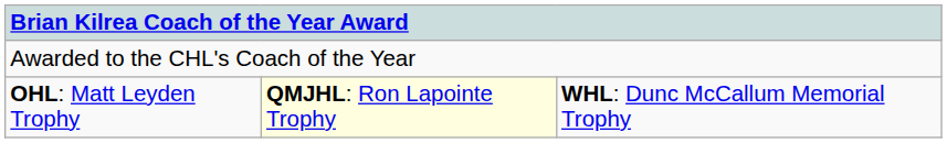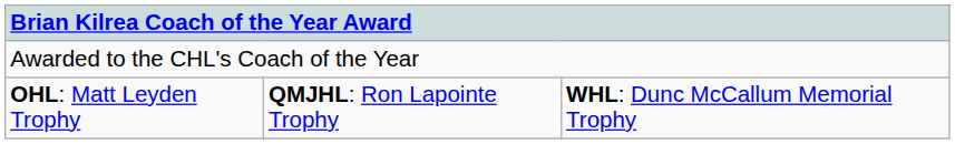 <table class="wikitable" width="75%">
 <tr style="font-weight:bold; background-color:#ccdddd;" |>
 <td colspan="3"><a href='#'>Brian Kilrea Coach of the Year Award</a></td>
 </tr>
 <tr>
 <td colspan="3">Awarded to the CHL's Coach of the Year</td>
 </tr>
 <tr>
 <td><strong>OHL</strong>: <a href='#'>Matt Leyden Trophy</a></td>
-<td style="background: lightyellow;"><strong>QMJHL</strong>: <a href='#'>Ron Lapointe Trophy</a></td>
+<td><strong>QMJHL</strong>: <a href='#'>Ron Lapointe Trophy</a></td>
 <td><strong>WHL</strong>: <a href='#'>Dunc McCallum Memorial Trophy</a></td>
 </tr>
 </table>
